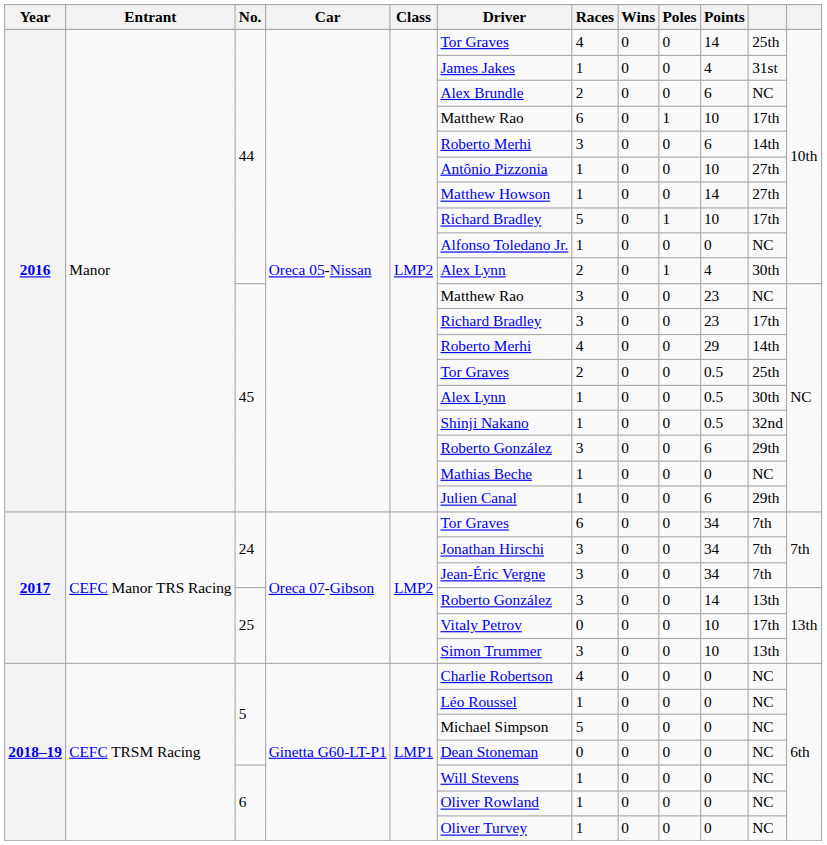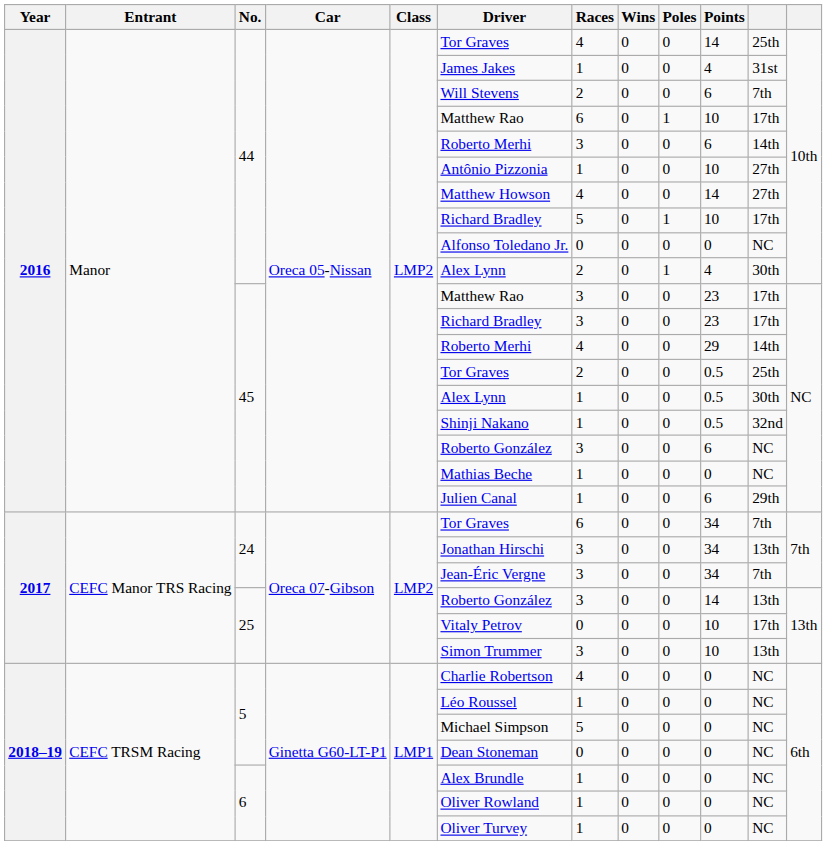 <table class="wikitable" style="font-size:85%">
 <tr>
 <th>Year</th>
 <th>Entrant</th>
 <th>No.</th>
 <th>Car</th>
 <th>Class</th>
 <th>Driver</th>
 <th>Races</th>
 <th>Wins</th>
 <th>Poles</th>
 <th>Points</th>
 <th></th>
 <th></th>
 </tr>
 <tr>
 <th rowspan="19"><a href='#'>2016</a></th>
 <td rowspan="19"> Manor</td>
 <td rowspan="10">44</td>
 <td rowspan="19"><a href='#'>Oreca 05</a>-<a href='#'>Nissan</a></td>
 <td rowspan="19"><a href='#'>LMP2</a></td>
 <td> <a href='#'>Tor Graves</a></td>
 <td>4</td>
 <td>0</td>
 <td>0</td>
 <td>14</td>
 <td>25th</td>
 <td rowspan="10">10th</td>
 </tr>
 <tr>
 <td> <a href='#'>James Jakes</a></td>
 <td>1</td>
 <td>0</td>
 <td>0</td>
 <td>4</td>
 <td>31st</td>
 </tr>
 <tr>
-<td> <a href='#'>Alex Brundle</a></td>
+<td> <a href='#'>Will Stevens</a></td>
 <td>2</td>
 <td>0</td>
 <td>0</td>
 <td>6</td>
-<td>NC</td>
+<td>7th</td>
 </tr>
 <tr>
 <td> Matthew Rao</td>
 <td>6</td>
 <td>0</td>
 <td>1</td>
 <td>10</td>
 <td>17th</td>
 </tr>
 <tr>
 <td> <a href='#'>Roberto Merhi</a></td>
 <td>3</td>
 <td>0</td>
 <td>0</td>
 <td>6</td>
 <td>14th</td>
 </tr>
 <tr>
 <td> <a href='#'>Antônio Pizzonia</a></td>
 <td>1</td>
 <td>0</td>
 <td>0</td>
 <td>10</td>
 <td>27th</td>
 </tr>
 <tr>
 <td> <a href='#'>Matthew Howson</a></td>
-<td>1</td>
+<td>4</td>
 <td>0</td>
 <td>0</td>
 <td>14</td>
 <td>27th</td>
 </tr>
 <tr>
 <td> <a href='#'>Richard Bradley</a></td>
 <td>5</td>
 <td>0</td>
 <td>1</td>
 <td>10</td>
 <td>17th</td>
 </tr>
 <tr>
 <td> <a href='#'>Alfonso Toledano Jr.</a></td>
-<td>1</td>
+<td>0</td>
 <td>0</td>
 <td>0</td>
 <td>0</td>
 <td>NC</td>
 </tr>
 <tr>
 <td> <a href='#'>Alex Lynn</a></td>
 <td>2</td>
 <td>0</td>
 <td>1</td>
 <td>4</td>
 <td>30th</td>
 </tr>
 <tr>
 <td rowspan="9">45</td>
 <td> Matthew Rao</td>
 <td>3</td>
 <td>0</td>
 <td>0</td>
 <td>23</td>
-<td>NC</td>
+<td>17th</td>
 <td rowspan="9">NC</td>
 </tr>
 <tr>
 <td> <a href='#'>Richard Bradley</a></td>
 <td>3</td>
 <td>0</td>
 <td>0</td>
 <td>23</td>
 <td>17th</td>
 </tr>
 <tr>
 <td> <a href='#'>Roberto Merhi</a></td>
 <td>4</td>
 <td>0</td>
 <td>0</td>
 <td>29</td>
 <td>14th</td>
 </tr>
 <tr>
 <td> <a href='#'>Tor Graves</a></td>
 <td>2</td>
 <td>0</td>
 <td>0</td>
 <td>0.5</td>
 <td>25th</td>
 </tr>
 <tr>
 <td> <a href='#'>Alex Lynn</a></td>
 <td>1</td>
 <td>0</td>
 <td>0</td>
 <td>0.5</td>
 <td>30th</td>
 </tr>
 <tr>
 <td> <a href='#'>Shinji Nakano</a></td>
 <td>1</td>
 <td>0</td>
 <td>0</td>
 <td>0.5</td>
 <td>32nd</td>
 </tr>
 <tr>
 <td> <a href='#'>Roberto González</a></td>
 <td>3</td>
 <td>0</td>
 <td>0</td>
 <td>6</td>
-<td>29th</td>
+<td>NC</td>
 </tr>
 <tr>
 <td> <a href='#'>Mathias Beche</a></td>
 <td>1</td>
 <td>0</td>
 <td>0</td>
 <td>0</td>
 <td>NC</td>
 </tr>
 <tr>
 <td> <a href='#'>Julien Canal</a></td>
 <td>1</td>
 <td>0</td>
 <td>0</td>
 <td>6</td>
 <td>29th</td>
 </tr>
 <tr>
 <th rowspan="6"><a href='#'>2017</a></th>
 <td rowspan="6"> <a href='#'>CEFC</a> Manor TRS Racing</td>
 <td rowspan="3">24</td>
 <td rowspan="6"><a href='#'>Oreca 07</a>-<a href='#'>Gibson</a></td>
 <td rowspan="6"><a href='#'>LMP2</a></td>
 <td> <a href='#'>Tor Graves</a></td>
 <td>6</td>
 <td>0</td>
 <td>0</td>
 <td>34</td>
 <td>7th</td>
 <td rowspan="3">7th</td>
 </tr>
 <tr>
 <td> <a href='#'>Jonathan Hirschi</a></td>
 <td>3</td>
 <td>0</td>
 <td>0</td>
 <td>34</td>
-<td>7th</td>
+<td>13th</td>
 </tr>
 <tr>
 <td> <a href='#'>Jean-Éric Vergne</a></td>
 <td>3</td>
 <td>0</td>
 <td>0</td>
 <td>34</td>
 <td>7th</td>
 </tr>
 <tr>
 <td rowspan="3">25</td>
 <td> <a href='#'>Roberto González</a></td>
 <td>3</td>
 <td>0</td>
 <td>0</td>
 <td>14</td>
 <td>13th</td>
 <td rowspan="3">13th</td>
 </tr>
 <tr>
 <td> <a href='#'>Vitaly Petrov</a></td>
 <td>0</td>
 <td>0</td>
 <td>0</td>
 <td>10</td>
 <td>17th</td>
 </tr>
 <tr>
 <td> <a href='#'>Simon Trummer</a></td>
 <td>3</td>
 <td>0</td>
 <td>0</td>
 <td>10</td>
 <td>13th</td>
 </tr>
 <tr>
 <th rowspan="7"><a href='#'>2018–19</a></th>
 <td rowspan="7"> <a href='#'>CEFC</a> TRSM Racing</td>
 <td rowspan="4">5</td>
 <td rowspan="7"><a href='#'>Ginetta G60-LT-P1</a></td>
 <td rowspan="7"><a href='#'>LMP1</a></td>
 <td> <a href='#'>Charlie Robertson</a></td>
 <td>4</td>
 <td>0</td>
 <td>0</td>
 <td>0</td>
 <td>NC</td>
 <td rowspan="7">6th</td>
 </tr>
 <tr>
 <td> <a href='#'>Léo Roussel</a></td>
 <td>1</td>
 <td>0</td>
 <td>0</td>
 <td>0</td>
 <td>NC</td>
 </tr>
 <tr>
 <td> Michael Simpson</td>
 <td>5</td>
 <td>0</td>
 <td>0</td>
 <td>0</td>
 <td>NC</td>
 </tr>
 <tr>
 <td> <a href='#'>Dean Stoneman</a></td>
 <td>0</td>
 <td>0</td>
 <td>0</td>
 <td>0</td>
 <td>NC</td>
 </tr>
 <tr>
 <td rowspan="3">6</td>
-<td> <a href='#'>Will Stevens</a></td>
+<td> <a href='#'>Alex Brundle</a></td>
 <td>1</td>
 <td>0</td>
 <td>0</td>
 <td>0</td>
 <td>NC</td>
 </tr>
 <tr>
 <td> <a href='#'>Oliver Rowland</a></td>
 <td>1</td>
 <td>0</td>
 <td>0</td>
 <td>0</td>
 <td>NC</td>
 </tr>
 <tr>
 <td> <a href='#'>Oliver Turvey</a></td>
 <td>1</td>
 <td>0</td>
 <td>0</td>
 <td>0</td>
 <td>NC</td>
 </tr>
 </table>
